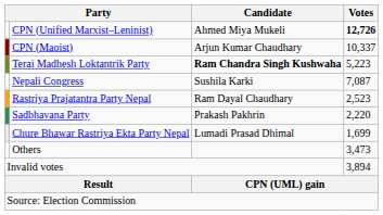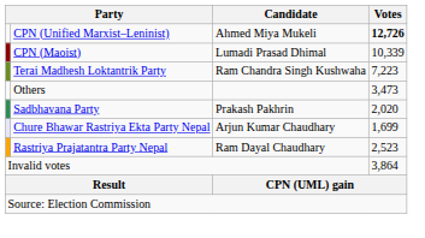 <table class="wikitable">
 <tr>
 <th colspan="2">Party</th>
 <th>Candidate</th>
 <th>Votes</th>
 </tr>
 <tr>
 <td style="background-color:"></td>
 <td><a href='#'>CPN (Unified Marxist–Leninist)</a></td>
 <td>Ahmed Miya Mukeli</td>
 <td><strong>12,726</strong></td>
 </tr>
 <tr>
 <td style="background-color:darkred"></td>
 <td><a href='#'>CPN (Maoist)</a></td>
-<td>Arjun Kumar Chaudhary</td>
-<td>10,337</td>
+<td>Lumadi Prasad Dhimal</td>
+<td>10,339</td>
 </tr>
 <tr>
 <td style="background-color:olivedrab"></td>
 <td><a href='#'>Terai Madhesh Loktantrik Party</a></td>
-<td><strong>Ram Chandra Singh Kushwaha</strong></td>
-<td>5,223</td>
+<td>Ram Chandra Singh Kushwaha</td>
+<td>7,223</td>
 </tr>
 <tr>
-<td style="background-color:"></td>
-<td><a href='#'>Nepali Congress</a></td>
-<td>Sushila Karki</td>
-<td>7,087</td>
+<td></td>
+<td>Others</td>
+<td></td>
+<td>3,473</td>
+</tr>
+<tr>
+<td style="background-color:seagreen"></td>
+<td><a href='#'>Sadbhavana Party</a></td>
+<td>Prakash Pakhrin</td>
+<td>2,020</td>
+</tr>
+<tr>
+<td style="background-color:#e6e6fa"></td>
+<td><a href='#'>Chure Bhawar Rastriya Ekta Party Nepal</a></td>
+<td>Arjun Kumar Chaudhary</td>
+<td>1,699</td>
 </tr>
 <tr>
 <td style="background-color:orange"></td>
 <td><a href='#'>Rastriya Prajatantra Party Nepal</a></td>
 <td>Ram Dayal Chaudhary</td>
 <td>2,523</td>
 </tr>
 <tr>
-<td style="background-color:seagreen"></td>
-<td><a href='#'>Sadbhavana Party</a></td>
-<td>Prakash Pakhrin</td>
-<td>2,220</td>
-</tr>
-<tr>
-<td style="background-color:#e6e6fa"></td>
-<td><a href='#'>Chure Bhawar Rastriya Ekta Party Nepal</a></td>
-<td>Lumadi Prasad Dhimal</td>
-<td>1,699</td>
-</tr>
-<tr>
-<td></td>
-<td>Others</td>
-<td></td>
-<td>3,473</td>
-</tr>
-<tr>
 <td colspan="3">Invalid votes</td>
-<td>3,894</td>
+<td>3,864</td>
 </tr>
 <tr>
 <th colspan="2">Result</th>
 <th colspan="2">CPN (UML) gain</th>
 </tr>
 <tr>
 <td colspan="4">Source: Election Commission</td>
 </tr>
 </table>
